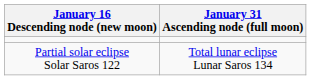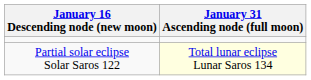 <table class="wikitable">
 <tr>
 <th><a href='#'>January 16</a><br>Descending node (new moon)<br></th>
 <th><a href='#'>January 31</a><br>Ascending node (full moon)<br></th>
 </tr>
 <tr>
 <td></td>
 <td></td>
 </tr>
 <tr align=center>
 <td><a href='#'>Partial solar eclipse</a><br>Solar Saros 122</td>
-<td><a href='#'>Total lunar eclipse</a><br>Lunar Saros 134</td>
+<td style="background: lightyellow;"><a href='#'>Total lunar eclipse</a><br>Lunar Saros 134</td>
 </tr>
 </table>
